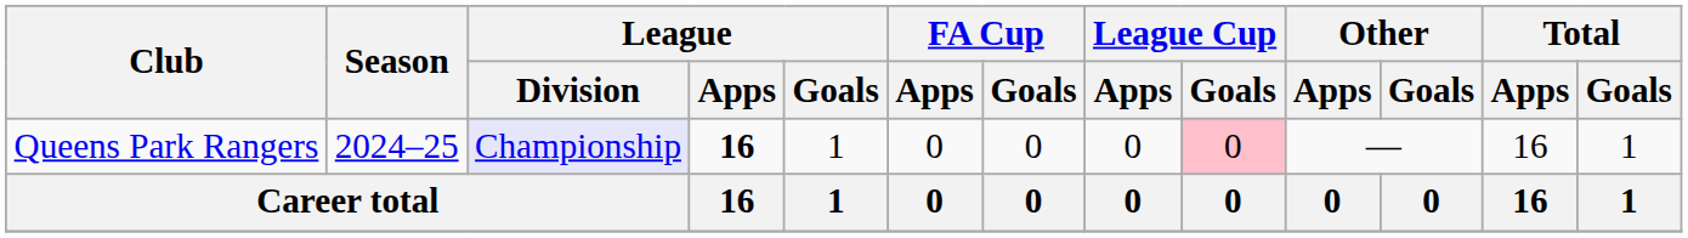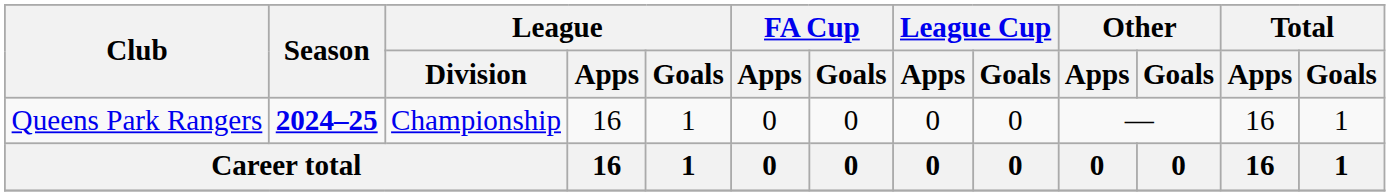 <table class="wikitable" style="text-align: center">
 <tr>
 <th rowspan="2">Club</th>
 <th rowspan="2">Season</th>
 <th colspan="3">League</th>
 <th colspan="2"><a href='#'>FA Cup</a></th>
 <th colspan="2"><a href='#'>League Cup</a></th>
 <th colspan="2">Other</th>
 <th colspan="2">Total</th>
 </tr>
 <tr>
 <th>Division</th>
 <th>Apps</th>
 <th>Goals</th>
 <th>Apps</th>
 <th>Goals</th>
 <th>Apps</th>
 <th>Goals</th>
 <th>Apps</th>
 <th>Goals</th>
 <th>Apps</th>
 <th>Goals</th>
 </tr>
 <tr>
 <td><a href='#'>Queens Park Rangers</a></td>
-<td><a href='#'>2024–25</a></td>
-<td style="background: lavender;"><a href='#'>Championship</a></td>
-<td><strong>16</strong></td>
+<td><strong><a href='#'>2024–25</a></strong></td>
+<td><a href='#'>Championship</a></td>
+<td>16</td>
 <td>1</td>
 <td>0</td>
 <td>0</td>
 <td>0</td>
-<td style="background: pink;">0</td>
+<td>0</td>
 <td colspan="2">—</td>
 <td>16</td>
 <td>1</td>
 </tr>
 <tr>
 <th colspan="3">Career total</th>
 <th>16</th>
 <th>1</th>
 <th>0</th>
 <th>0</th>
 <th>0</th>
 <th>0</th>
 <th>0</th>
 <th>0</th>
 <th>16</th>
 <th>1</th>
 </tr>
 <tr>
 </tr>
 </table>
